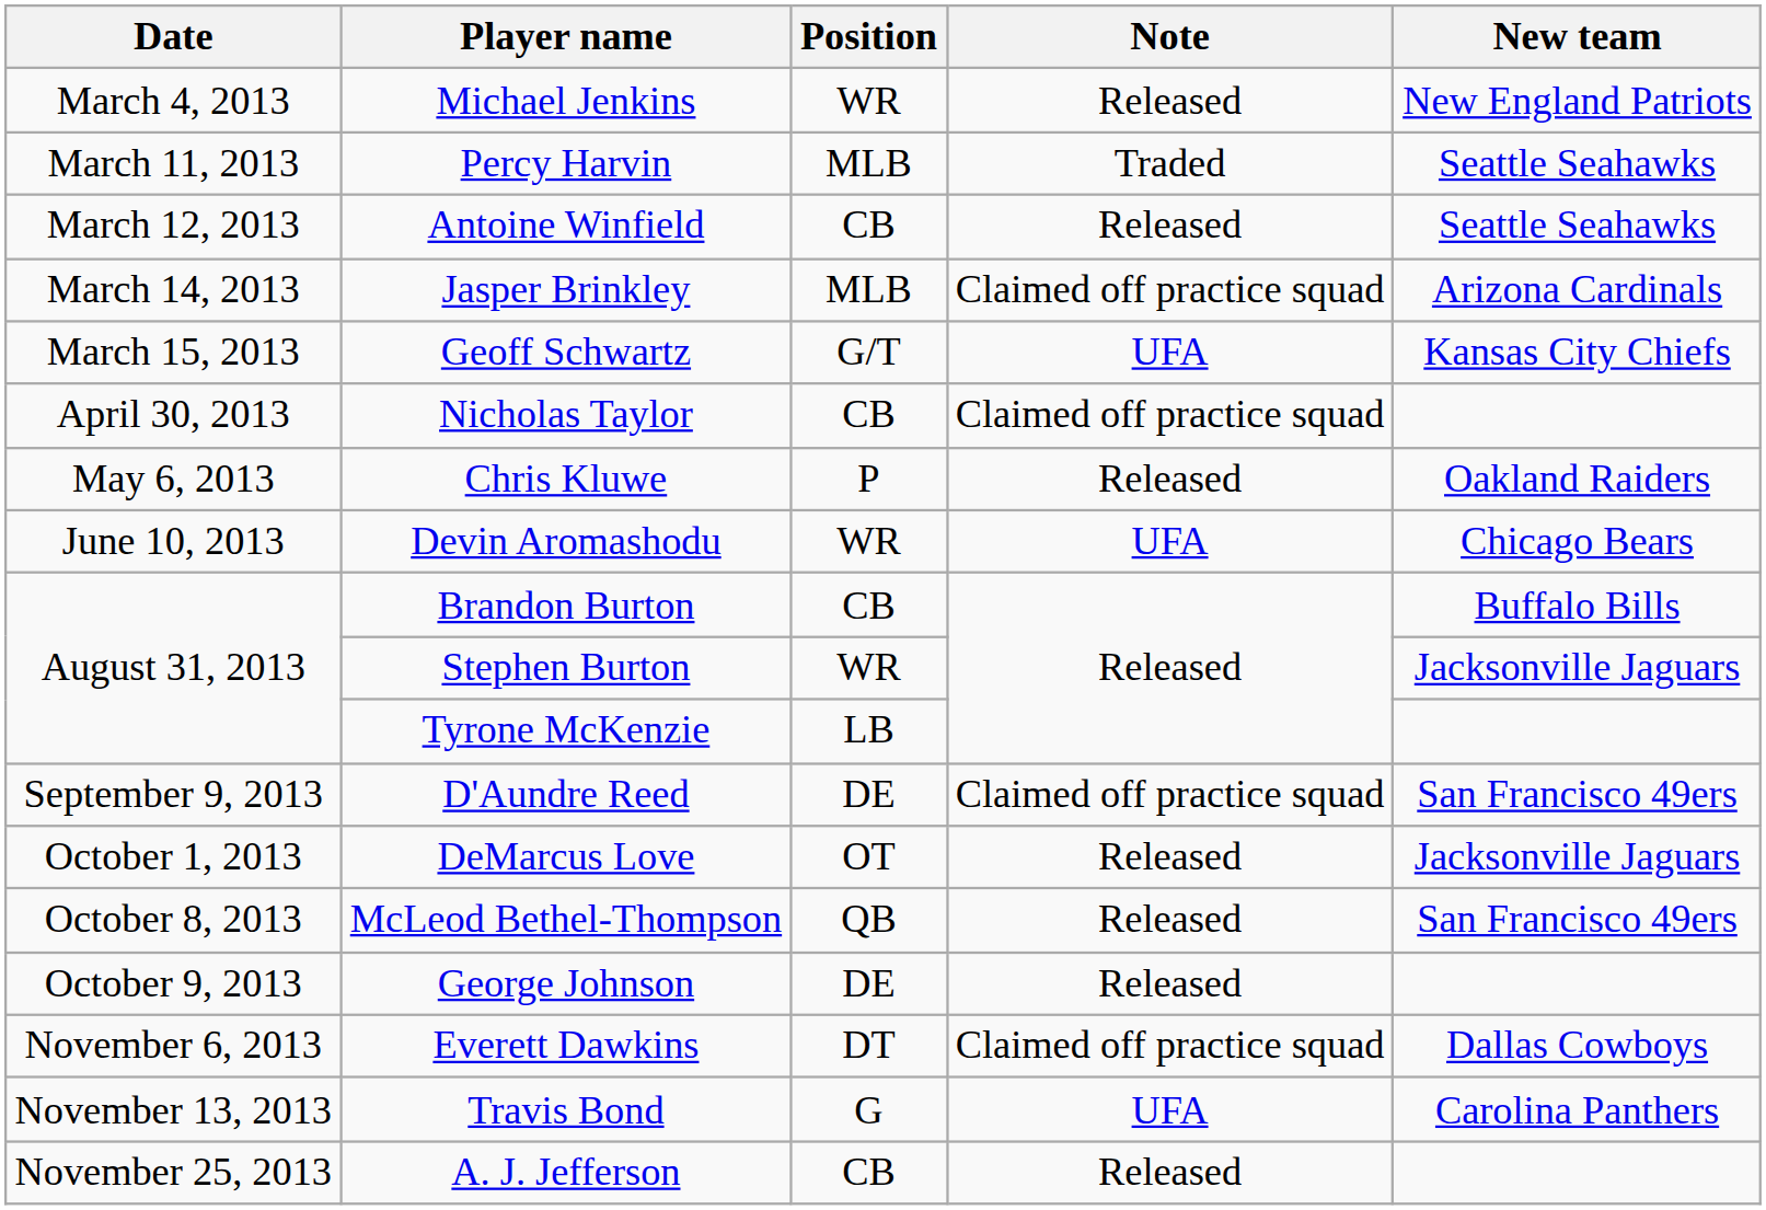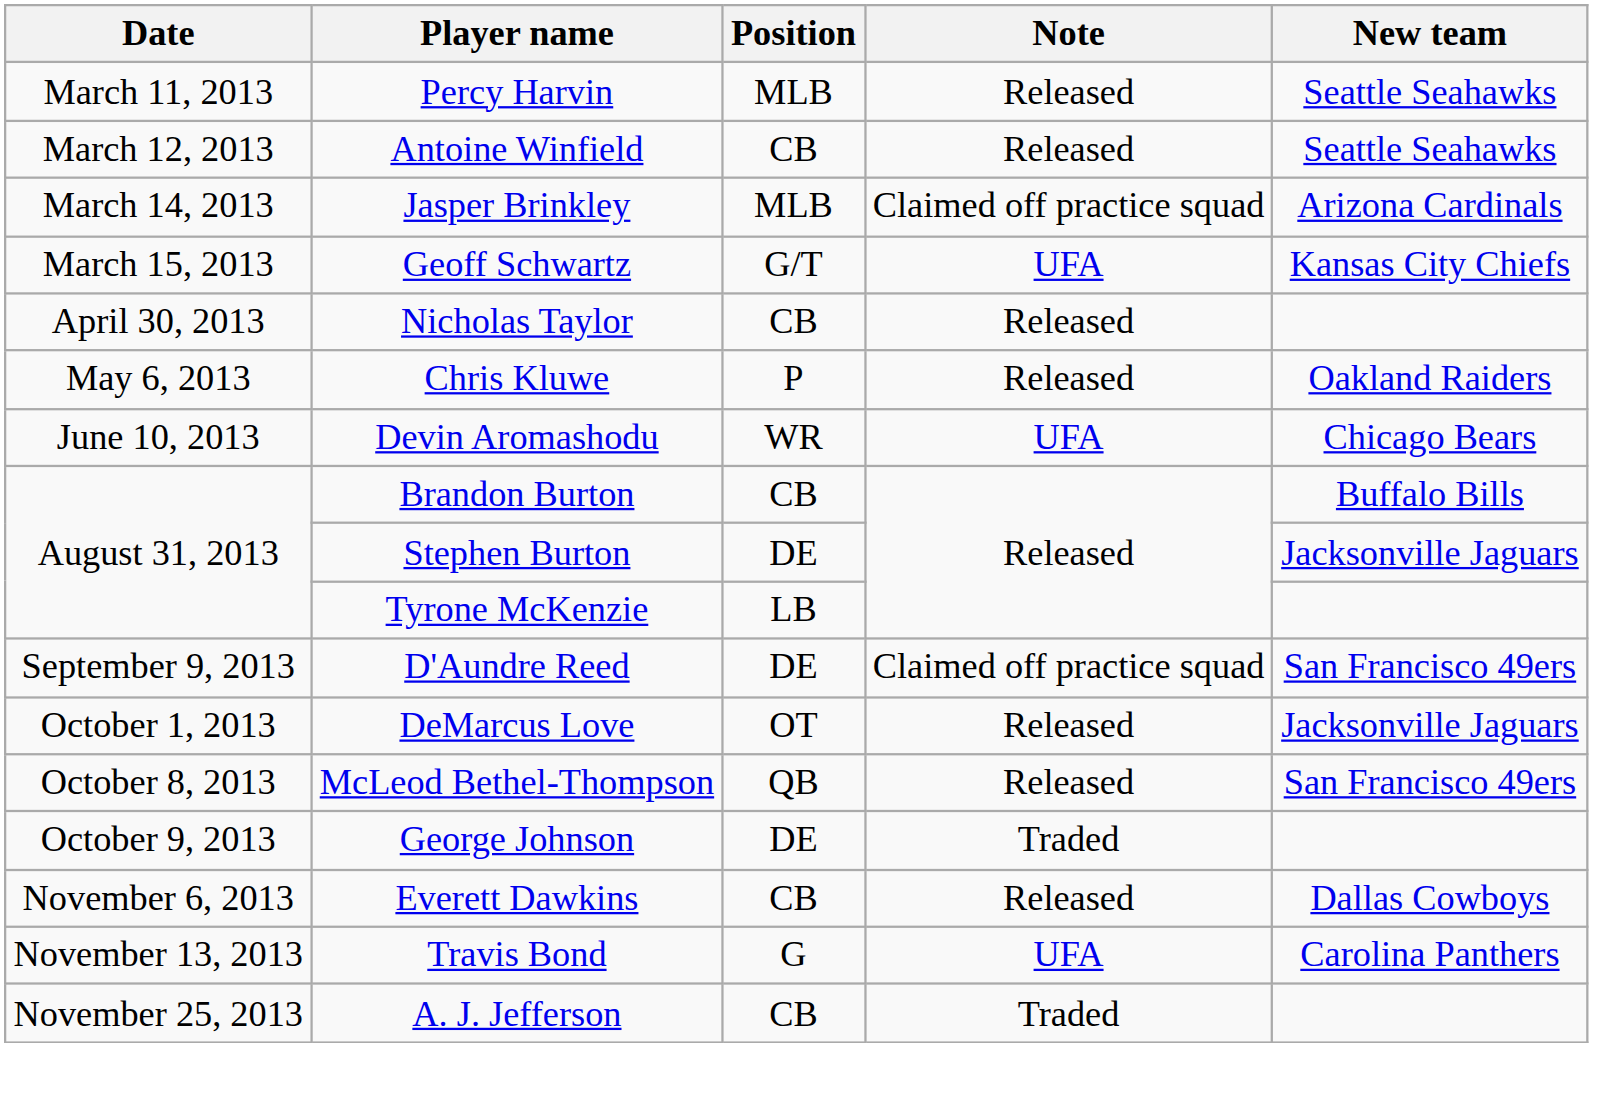 <table class="wikitable" style="text-align:center">
 <tr>
 <th>Date</th>
 <th>Player name</th>
 <th>Position</th>
 <th>Note</th>
 <th>New team</th>
 </tr>
 <tr>
-<td>March 4, 2013</td>
-<td><a href='#'>Michael Jenkins</a></td>
-<td>WR</td>
-<td>Released</td>
-<td><a href='#'>New England Patriots</a></td>
-</tr>
-<tr>
 <td>March 11, 2013</td>
 <td><a href='#'>Percy Harvin</a></td>
 <td>MLB</td>
-<td>Traded</td>
+<td>Released</td>
 <td><a href='#'>Seattle Seahawks</a></td>
 </tr>
 <tr>
 <td>March 12, 2013</td>
 <td><a href='#'>Antoine Winfield</a></td>
 <td>CB</td>
 <td>Released</td>
 <td><a href='#'>Seattle Seahawks</a></td>
 </tr>
 <tr>
 <td>March 14, 2013</td>
 <td><a href='#'>Jasper Brinkley</a></td>
 <td>MLB</td>
 <td>Claimed off practice squad</td>
 <td><a href='#'>Arizona Cardinals</a></td>
 </tr>
 <tr>
 <td>March 15, 2013</td>
 <td><a href='#'>Geoff Schwartz</a></td>
 <td>G/T</td>
 <td><a href='#'>UFA</a></td>
 <td><a href='#'>Kansas City Chiefs</a></td>
 </tr>
 <tr>
 <td>April 30, 2013</td>
 <td><a href='#'>Nicholas Taylor</a></td>
 <td>CB</td>
-<td>Claimed off practice squad</td>
+<td>Released</td>
 <td></td>
 </tr>
 <tr>
 <td>May 6, 2013</td>
 <td><a href='#'>Chris Kluwe</a></td>
 <td>P</td>
 <td>Released</td>
 <td><a href='#'>Oakland Raiders</a></td>
 </tr>
 <tr>
 <td>June 10, 2013</td>
 <td><a href='#'>Devin Aromashodu</a></td>
 <td>WR</td>
 <td><a href='#'>UFA</a></td>
 <td><a href='#'>Chicago Bears</a></td>
 </tr>
 <tr>
 <td rowspan="3">August 31, 2013</td>
 <td><a href='#'>Brandon Burton</a></td>
 <td>CB</td>
 <td rowspan="3">Released</td>
 <td><a href='#'>Buffalo Bills</a></td>
 </tr>
 <tr>
 <td><a href='#'>Stephen Burton</a></td>
-<td>WR</td>
+<td>DE</td>
 <td><a href='#'>Jacksonville Jaguars</a></td>
 </tr>
 <tr>
 <td><a href='#'>Tyrone McKenzie</a></td>
 <td>LB</td>
 <td></td>
 </tr>
 <tr>
 <td>September 9, 2013</td>
 <td><a href='#'>D'Aundre Reed</a></td>
 <td>DE</td>
 <td>Claimed off practice squad</td>
 <td><a href='#'>San Francisco 49ers</a></td>
 </tr>
 <tr>
 <td>October 1, 2013</td>
 <td><a href='#'>DeMarcus Love</a></td>
 <td>OT</td>
 <td>Released</td>
 <td><a href='#'>Jacksonville Jaguars</a></td>
 </tr>
 <tr>
 <td>October 8, 2013</td>
 <td><a href='#'>McLeod Bethel-Thompson</a></td>
 <td>QB</td>
 <td>Released</td>
 <td><a href='#'>San Francisco 49ers</a></td>
 </tr>
 <tr>
 <td>October 9, 2013</td>
 <td><a href='#'>George Johnson</a></td>
 <td>DE</td>
-<td>Released</td>
+<td>Traded</td>
 <td></td>
 </tr>
 <tr>
 <td>November 6, 2013</td>
 <td><a href='#'>Everett Dawkins</a></td>
-<td>DT</td>
-<td>Claimed off practice squad</td>
+<td>CB</td>
+<td>Released</td>
 <td><a href='#'>Dallas Cowboys</a></td>
 </tr>
 <tr>
 <td>November 13, 2013</td>
 <td><a href='#'>Travis Bond</a></td>
 <td>G</td>
 <td><a href='#'>UFA</a></td>
 <td><a href='#'>Carolina Panthers</a></td>
 </tr>
 <tr>
 <td>November 25, 2013</td>
 <td><a href='#'>A. J. Jefferson</a></td>
 <td>CB</td>
-<td>Released</td>
+<td>Traded</td>
 <td></td>
 </tr>
 </table>
